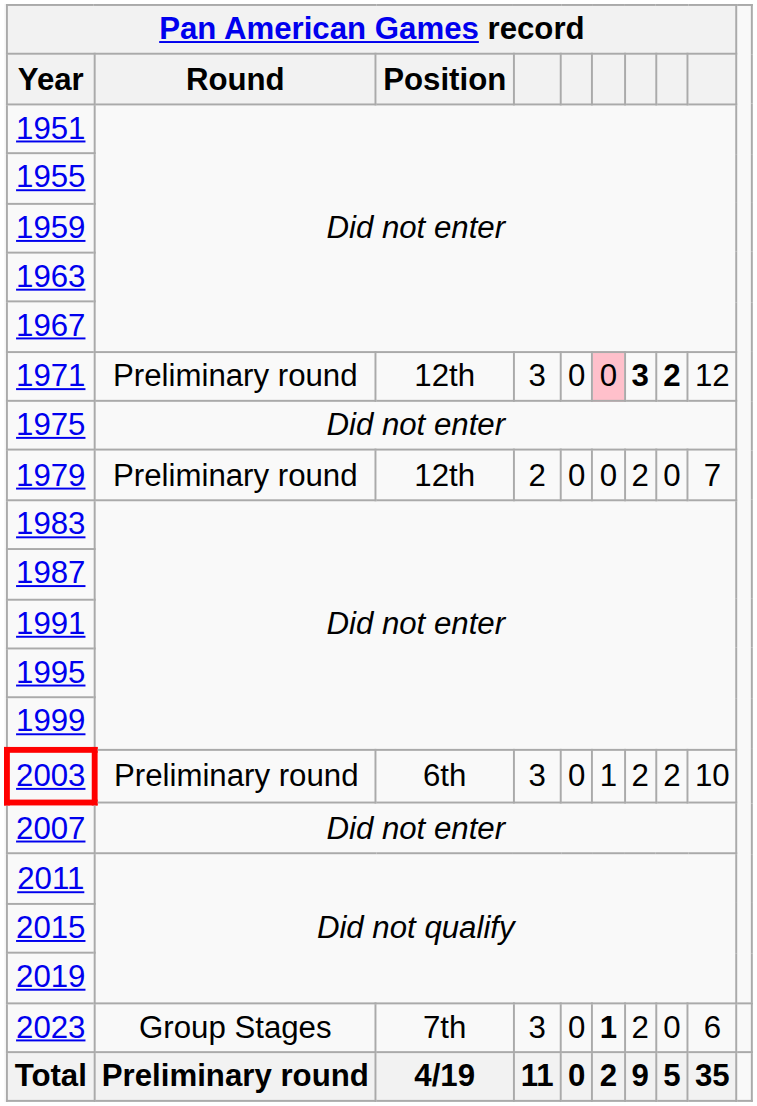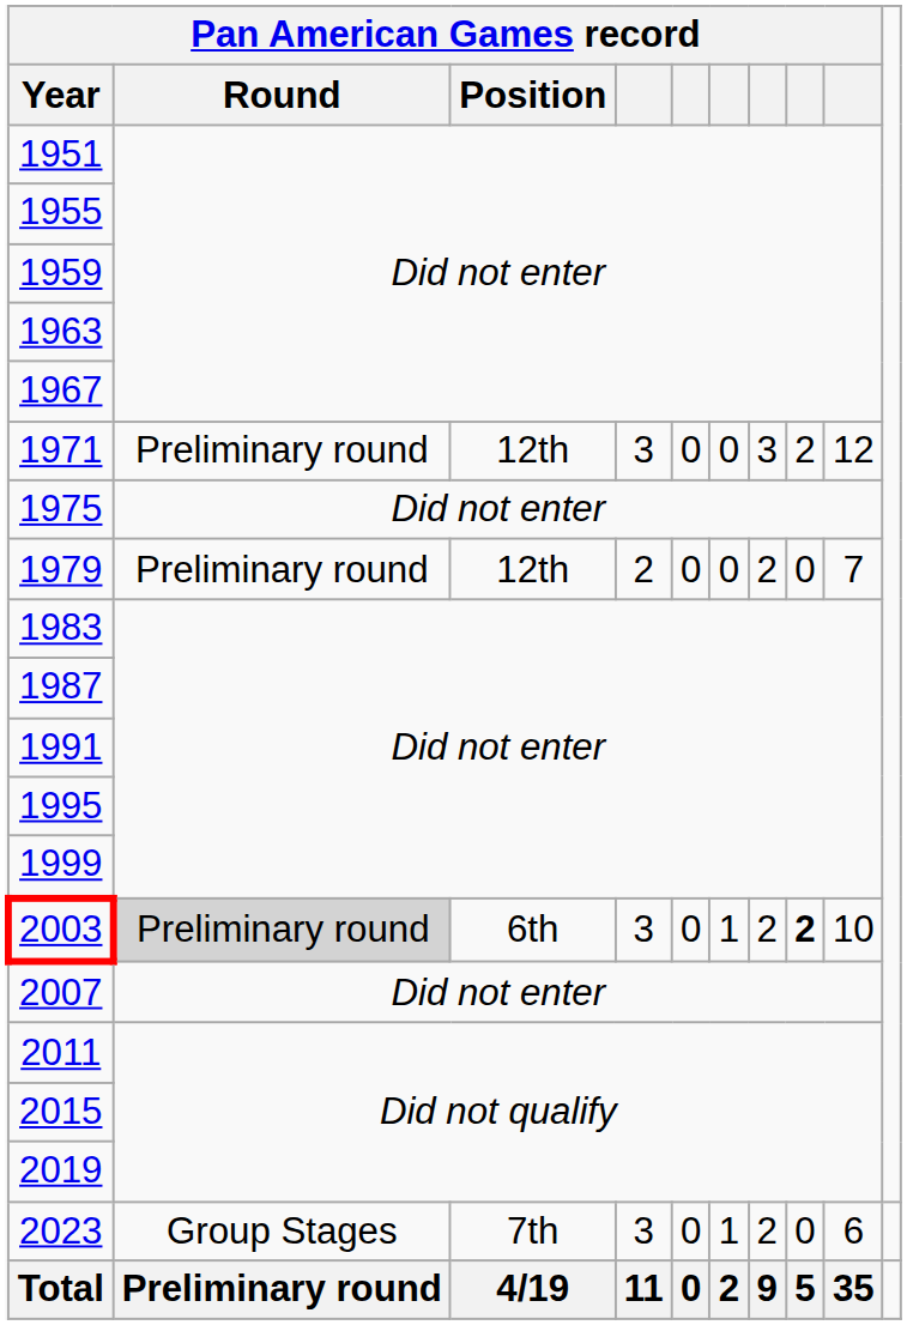 <table class="wikitable" style="text-align:center">
 <tr>
 <th colspan=9><a href='#'>Pan American Games</a> record</th>
 </tr>
 <tr>
 <th>Year</th>
 <th>Round</th>
 <th>Position</th>
 <th></th>
 <th></th>
 <th></th>
 <th></th>
 <th></th>
 <th></th>
 </tr>
 <tr>
 <td> <a href='#'>1951</a></td>
 <td colspan=8 rowspan=5><em>Did not enter</em></td>
 </tr>
 <tr>
 <td> <a href='#'>1955</a></td>
 </tr>
 <tr>
 <td> <a href='#'>1959</a></td>
 </tr>
 <tr>
 <td> <a href='#'>1963</a></td>
 </tr>
 <tr>
 <td> <a href='#'>1967</a></td>
 </tr>
 <tr>
 <td> <a href='#'>1971</a></td>
 <td>Preliminary round</td>
 <td>12th</td>
 <td>3</td>
 <td>0</td>
-<td style="background: pink;">0</td>
-<td><strong>3</strong></td>
-<td><strong>2</strong></td>
+<td>0</td>
+<td>3</td>
+<td>2</td>
 <td>12</td>
 </tr>
 <tr>
 <td> <a href='#'>1975</a></td>
 <td colspan=8><em>Did not enter</em></td>
 </tr>
 <tr>
 <td> <a href='#'>1979</a></td>
 <td>Preliminary round</td>
 <td>12th</td>
 <td>2</td>
 <td>0</td>
 <td>0</td>
 <td>2</td>
 <td>0</td>
 <td>7</td>
 </tr>
 <tr>
 <td> <a href='#'>1983</a></td>
 <td colspan=8 rowspan=5><em>Did not enter</em></td>
 </tr>
 <tr>
 <td> <a href='#'>1987</a></td>
 </tr>
 <tr>
 <td> <a href='#'>1991</a></td>
 </tr>
 <tr>
 <td> <a href='#'>1995</a></td>
 </tr>
 <tr>
 <td> <a href='#'>1999</a></td>
 </tr>
 <tr>
 <td style="border: 3px solid red"> <a href='#'>2003</a></td>
-<td>Preliminary round</td>
+<td style="background: lightgrey;">Preliminary round</td>
 <td>6th</td>
 <td>3</td>
 <td>0</td>
 <td>1</td>
 <td>2</td>
-<td>2</td>
+<td><strong>2</strong></td>
 <td>10</td>
 </tr>
 <tr>
 <td> <a href='#'>2007</a></td>
 <td colspan=8><em>Did not enter</em></td>
 </tr>
 <tr>
 <td> <a href='#'>2011</a></td>
 <td colspan=8 rowspan=3><em>Did not qualify</em></td>
 </tr>
 <tr>
 <td> <a href='#'>2015</a></td>
 </tr>
 <tr>
 <td> <a href='#'>2019</a></td>
 </tr>
 <tr>
 <td> <a href='#'>2023</a></td>
 <td>Group Stages</td>
 <td>7th</td>
 <td>3</td>
 <td>0</td>
-<td><strong>1</strong></td>
+<td>1</td>
 <td>2</td>
 <td>0</td>
 <td>6</td>
 <td></td>
 </tr>
 <tr>
 <th>Total</th>
 <th>Preliminary round</th>
 <th>4/19</th>
 <th>11</th>
 <th>0</th>
 <th>2</th>
 <th>9</th>
 <th>5</th>
 <th>35</th>
 </tr>
 </table>
